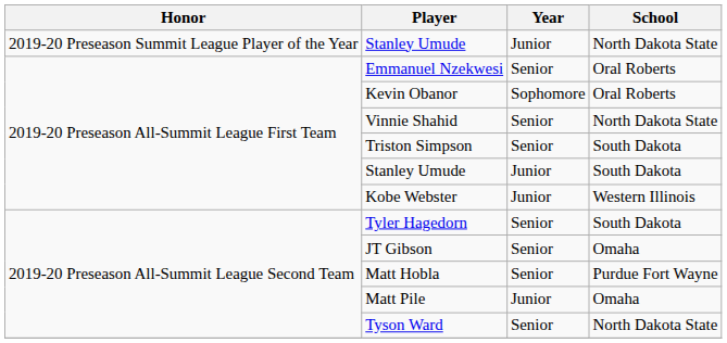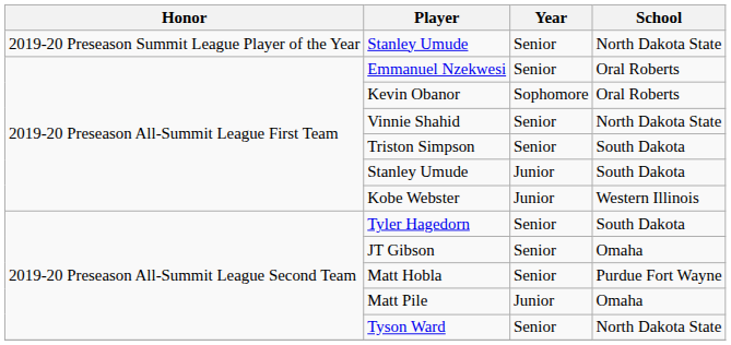 <table class="wikitable">
 <tr>
 <th>Honor</th>
 <th>Player</th>
 <th>Year</th>
 <th>School</th>
 </tr>
 <tr>
 <td>2019-20 Preseason Summit League Player of the Year</td>
 <td><a href='#'>Stanley Umude</a></td>
-<td>Junior</td>
+<td>Senior</td>
 <td>North Dakota State</td>
 </tr>
 <tr>
 <td rowspan=6 valign=middle>2019-20 Preseason All-Summit League First Team</td>
 <td><a href='#'>Emmanuel Nzekwesi</a></td>
 <td>Senior</td>
 <td>Oral Roberts</td>
 </tr>
 <tr>
 <td>Kevin Obanor</td>
 <td>Sophomore</td>
 <td>Oral Roberts</td>
 </tr>
 <tr>
 <td>Vinnie Shahid</td>
 <td>Senior</td>
 <td>North Dakota State</td>
 </tr>
 <tr>
 <td>Triston Simpson</td>
 <td>Senior</td>
 <td>South Dakota</td>
 </tr>
 <tr>
 <td>Stanley Umude</td>
 <td>Junior</td>
 <td>South Dakota</td>
 </tr>
 <tr>
 <td>Kobe Webster</td>
 <td>Junior</td>
 <td>Western Illinois</td>
 </tr>
 <tr>
 <td rowspan=5 valign=middle>2019-20 Preseason All-Summit League Second Team</td>
 <td><a href='#'>Tyler Hagedorn</a></td>
 <td>Senior</td>
 <td>South Dakota</td>
 </tr>
 <tr>
 <td>JT Gibson</td>
 <td>Senior</td>
 <td>Omaha</td>
 </tr>
 <tr>
 <td>Matt Hobla</td>
 <td>Senior</td>
 <td>Purdue Fort Wayne</td>
 </tr>
 <tr>
 <td>Matt Pile</td>
 <td>Junior</td>
 <td>Omaha</td>
 </tr>
 <tr>
 <td><a href='#'>Tyson Ward</a></td>
 <td>Senior</td>
 <td>North Dakota State</td>
 </tr>
 <tr>
 </tr>
 </table>
